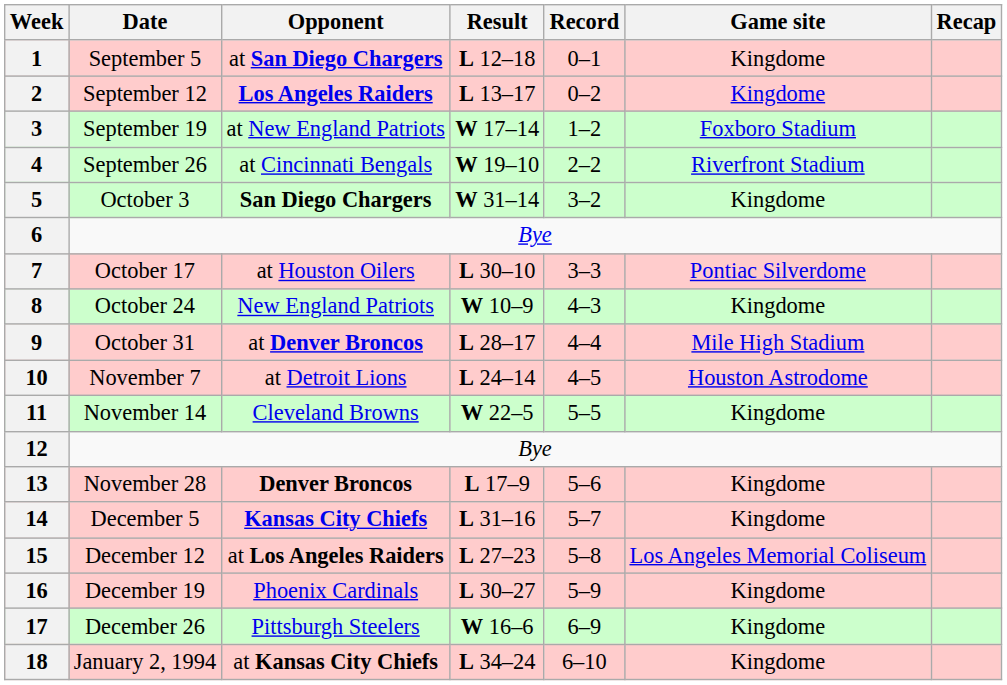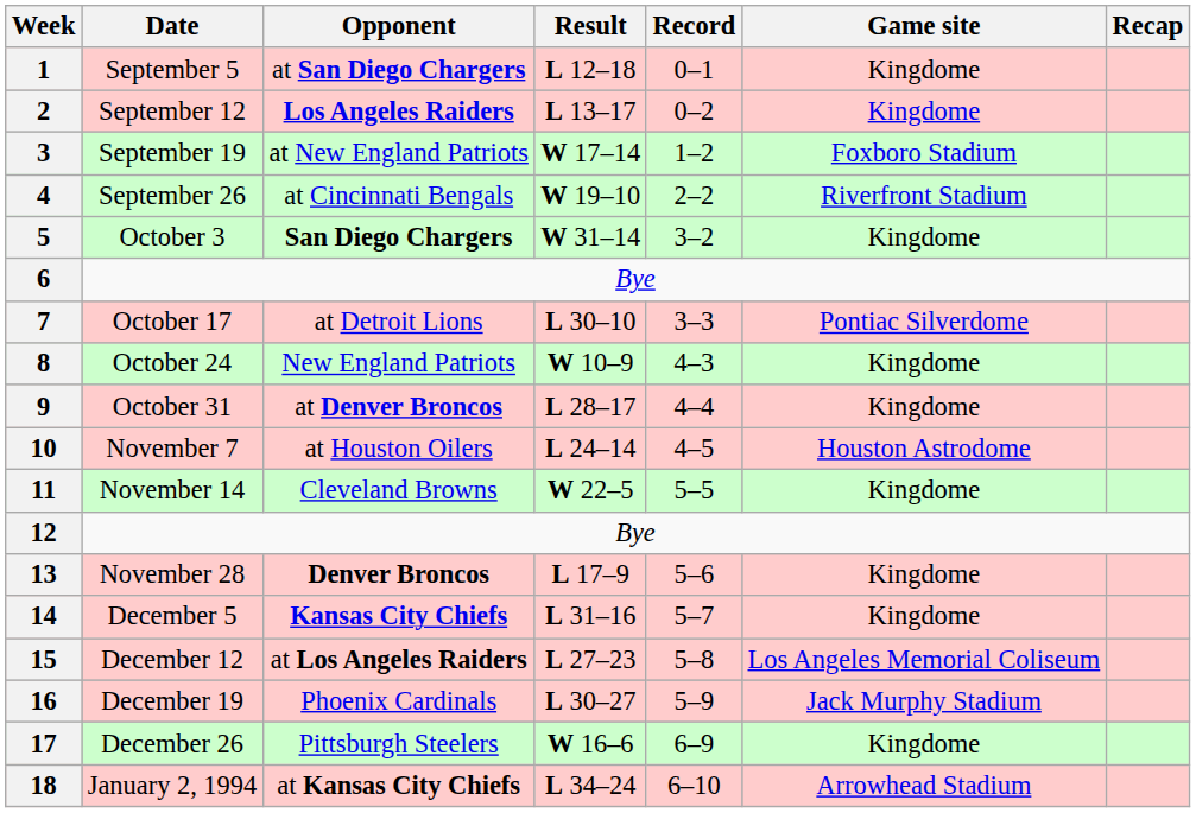 <table class="wikitable" style="text-align:center">
 <tr>
 <th>Week</th>
 <th>Date</th>
 <th>Opponent</th>
 <th>Result</th>
 <th>Record</th>
 <th>Game site</th>
 <th>Recap</th>
 </tr>
 <tr style="background:#fcc">
 <th>1</th>
 <td>September 5</td>
 <td>at <strong><a href='#'>San Diego Chargers</a></strong></td>
 <td><strong>L</strong> 12–18</td>
 <td>0–1</td>
 <td>Kingdome</td>
 <td></td>
 </tr>
 <tr style="background:#fcc">
 <th>2</th>
 <td>September 12</td>
 <td><strong><a href='#'>Los Angeles Raiders</a></strong></td>
 <td><strong>L</strong> 13–17</td>
 <td>0–2</td>
 <td><a href='#'>Kingdome</a></td>
 <td></td>
 </tr>
 <tr style="background:#cfc">
 <th>3</th>
 <td>September 19</td>
 <td>at <a href='#'>New England Patriots</a></td>
 <td><strong>W</strong> 17–14</td>
 <td>1–2</td>
 <td><a href='#'>Foxboro Stadium</a></td>
 <td></td>
 </tr>
 <tr style="background:#cfc">
 <th>4</th>
 <td>September 26</td>
 <td>at <a href='#'>Cincinnati Bengals</a></td>
 <td><strong>W</strong> 19–10</td>
 <td>2–2</td>
 <td><a href='#'>Riverfront Stadium</a></td>
 <td></td>
 </tr>
 <tr style="background:#cfc">
 <th>5</th>
 <td>October 3</td>
 <td><strong>San Diego Chargers</strong></td>
 <td><strong>W</strong> 31–14</td>
 <td>3–2</td>
 <td>Kingdome</td>
 <td></td>
 </tr>
 <tr>
 <th>6</th>
 <td colspan="6"><em><a href='#'>Bye</a></em></td>
 </tr>
 <tr style="background:#fcc">
 <th>7</th>
 <td>October 17</td>
-<td>at <a href='#'>Houston Oilers</a></td>
+<td>at <a href='#'>Detroit Lions</a></td>
 <td><strong>L</strong> 30–10</td>
 <td>3–3</td>
 <td><a href='#'>Pontiac Silverdome</a></td>
 <td></td>
 </tr>
 <tr style="background:#cfc">
 <th>8</th>
 <td>October 24</td>
 <td><a href='#'>New England Patriots</a></td>
 <td><strong>W</strong> 10–9</td>
 <td>4–3</td>
 <td>Kingdome</td>
 <td></td>
 </tr>
 <tr style="background:#fcc">
 <th>9</th>
 <td>October 31</td>
 <td>at <strong><a href='#'>Denver Broncos</a></strong></td>
 <td><strong>L</strong> 28–17</td>
 <td>4–4</td>
-<td><a href='#'>Mile High Stadium</a></td>
+<td>Kingdome</td>
 <td></td>
 </tr>
 <tr style="background:#fcc">
 <th>10</th>
 <td>November 7</td>
-<td>at <a href='#'>Detroit Lions</a></td>
+<td>at <a href='#'>Houston Oilers</a></td>
 <td><strong>L</strong> 24–14</td>
 <td>4–5</td>
 <td><a href='#'>Houston Astrodome</a></td>
 <td></td>
 </tr>
 <tr style="background:#cfc">
 <th>11</th>
 <td>November 14</td>
 <td><a href='#'>Cleveland Browns</a></td>
 <td><strong>W</strong> 22–5</td>
 <td>5–5</td>
 <td>Kingdome</td>
 <td></td>
 </tr>
 <tr>
 <th>12</th>
 <td colspan="6"><em>Bye</em></td>
 </tr>
 <tr style="background:#fcc">
 <th>13</th>
 <td>November 28</td>
 <td><strong>Denver Broncos</strong></td>
 <td><strong>L</strong> 17–9</td>
 <td>5–6</td>
 <td>Kingdome</td>
 <td></td>
 </tr>
 <tr style="background:#fcc">
 <th>14</th>
 <td>December 5</td>
 <td><strong><a href='#'>Kansas City Chiefs</a></strong></td>
 <td><strong>L</strong> 31–16</td>
 <td>5–7</td>
 <td>Kingdome</td>
 <td></td>
 </tr>
 <tr style="background:#fcc">
 <th>15</th>
 <td>December 12</td>
 <td>at <strong>Los Angeles Raiders</strong></td>
 <td><strong>L</strong> 27–23</td>
 <td>5–8</td>
 <td><a href='#'>Los Angeles Memorial Coliseum</a></td>
 <td></td>
 </tr>
 <tr style="background:#fcc">
 <th>16</th>
 <td>December 19</td>
 <td><a href='#'>Phoenix Cardinals</a></td>
 <td><strong>L</strong> 30–27</td>
 <td>5–9</td>
-<td>Kingdome</td>
+<td><a href='#'>Jack Murphy Stadium</a></td>
 <td></td>
 </tr>
 <tr style="background:#cfc">
 <th>17</th>
 <td>December 26</td>
 <td><a href='#'>Pittsburgh Steelers</a></td>
 <td><strong>W</strong> 16–6</td>
 <td>6–9</td>
 <td>Kingdome</td>
 <td></td>
 </tr>
 <tr style="background:#fcc">
 <th>18</th>
 <td>January 2, 1994</td>
 <td>at <strong>Kansas City Chiefs</strong></td>
 <td><strong>L</strong> 34–24</td>
 <td>6–10</td>
-<td>Kingdome</td>
+<td><a href='#'>Arrowhead Stadium</a></td>
 <td></td>
 </tr>
 </table>
